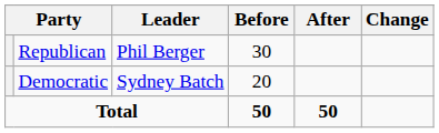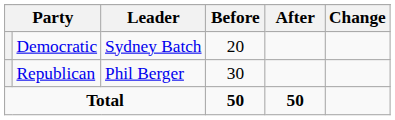 <table class="wikitable" style="text-align:center;">
 <tr>
 </tr>
 <tr>
 <th colspan="2">Party</th>
 <th>Leader</th>
 <th style="width:3em">Before</th>
 <th style="width:3em">After</th>
 <th style="width:3em">Change</th>
 </tr>
 <tr>
 <th style="background-color:"></th>
-<td style="text-align:left;"><a href='#'>Republican</a></td>
-<td style="text-align:left;"><a href='#'>Phil Berger</a></td>
-<td>30</td>
+<td style="text-align:left;"><a href='#'>Democratic</a></td>
+<td style="text-align:left;"><a href='#'>Sydney Batch</a></td>
+<td>20</td>
 <td></td>
 <td></td>
 </tr>
 <tr>
 <th style="background-color:"></th>
-<td style="text-align:left;"><a href='#'>Democratic</a></td>
-<td style="text-align:left;"><a href='#'>Sydney Batch</a></td>
-<td>20</td>
+<td style="text-align:left;"><a href='#'>Republican</a></td>
+<td style="text-align:left;"><a href='#'>Phil Berger</a></td>
+<td>30</td>
 <td></td>
 <td></td>
 </tr>
 <tr>
 <td colspan="3"><strong>Total</strong></td>
 <td><strong>50</strong></td>
 <td><strong>50</strong></td>
 <td></td>
 </tr>
 </table>
